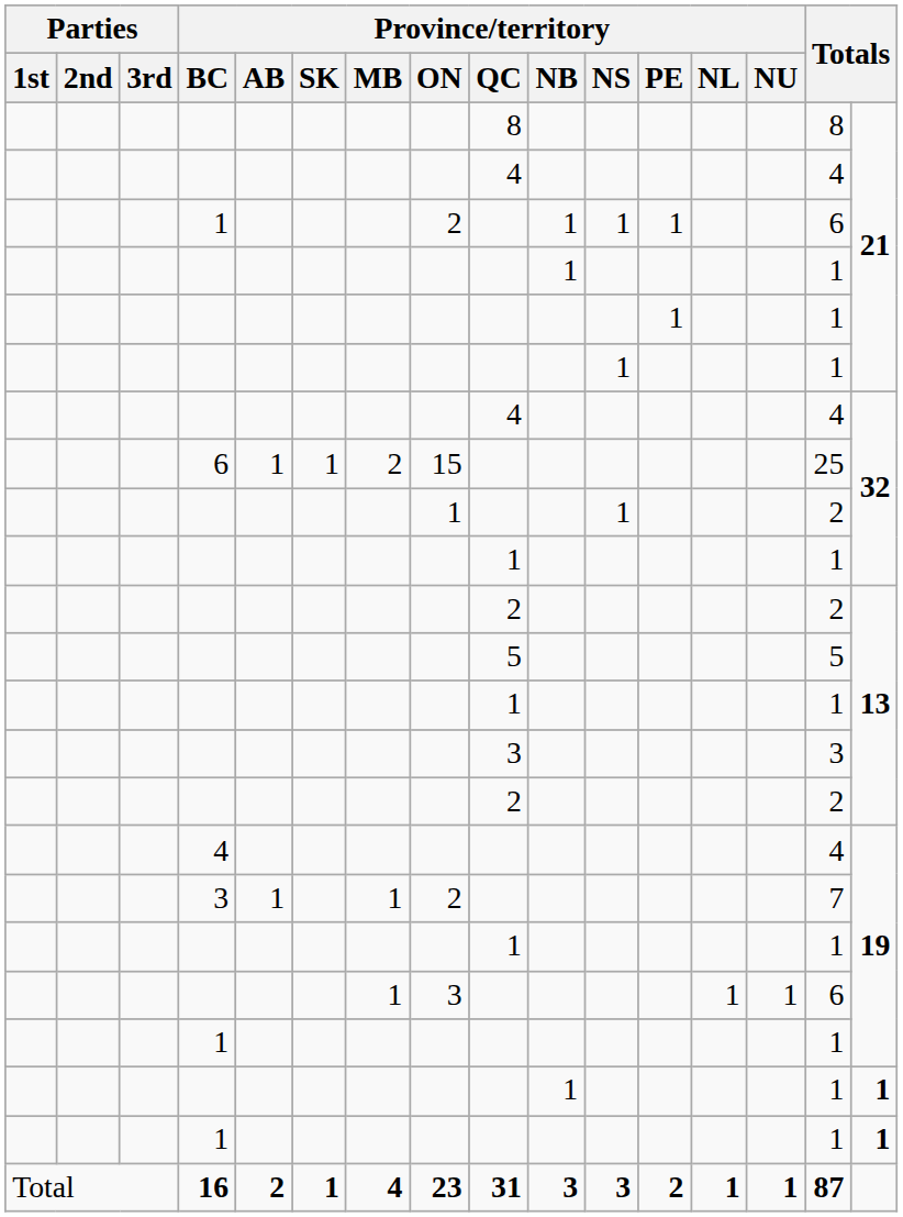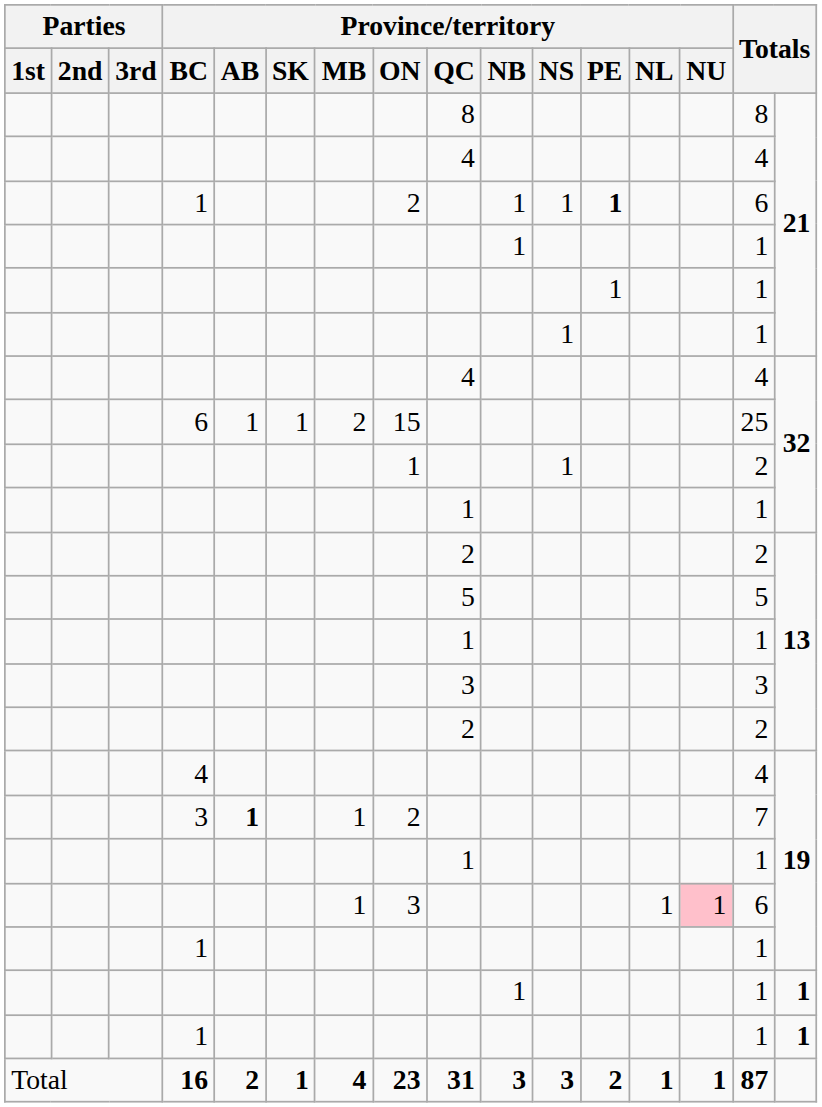 <table class="wikitable" style="text-align:right;">
 <tr>
 <th colspan="3">Parties</th>
 <th colspan="11">Province/territory</th>
 <th rowspan="2" colspan="2">Totals</th>
 </tr>
 <tr>
 <th>1st</th>
 <th>2nd</th>
 <th>3rd</th>
 <th>BC</th>
 <th>AB</th>
 <th>SK</th>
 <th>MB</th>
 <th>ON</th>
 <th>QC</th>
 <th>NB</th>
 <th>NS</th>
 <th>PE</th>
 <th>NL</th>
 <th>NU</th>
 </tr>
 <tr>
 <td style="text-align:left;"></td>
 <td style="text-align:left;"></td>
 <td style="text-align:left;"></td>
 <td></td>
 <td></td>
 <td></td>
 <td></td>
 <td></td>
 <td>8</td>
 <td></td>
 <td></td>
 <td></td>
 <td></td>
 <td></td>
 <td>8</td>
 <td rowspan="6"><strong>21</strong></td>
 </tr>
 <tr>
 <td style="text-align:left;"></td>
 <td style="text-align:left;"></td>
 <td style="text-align:left;"></td>
 <td></td>
 <td></td>
 <td></td>
 <td></td>
 <td></td>
 <td>4</td>
 <td></td>
 <td></td>
 <td></td>
 <td></td>
 <td></td>
 <td>4</td>
 </tr>
 <tr>
 <td style="text-align:left;"></td>
 <td style="text-align:left;"></td>
 <td style="text-align:left;"></td>
 <td>1</td>
 <td></td>
 <td></td>
 <td></td>
 <td>2</td>
 <td></td>
 <td>1</td>
 <td>1</td>
-<td>1</td>
+<td><strong>1</strong></td>
 <td></td>
 <td></td>
 <td>6</td>
 </tr>
 <tr>
 <td style="text-align:left;"></td>
 <td style="text-align:left;"></td>
 <td style="text-align:left;"></td>
 <td></td>
 <td></td>
 <td></td>
 <td></td>
 <td></td>
 <td></td>
 <td>1</td>
 <td></td>
 <td></td>
 <td></td>
 <td></td>
 <td>1</td>
 </tr>
 <tr>
 <td style="text-align:left;"></td>
 <td style="text-align:left;"></td>
 <td style="text-align:left;"></td>
 <td></td>
 <td></td>
 <td></td>
 <td></td>
 <td></td>
 <td></td>
 <td></td>
 <td></td>
 <td>1</td>
 <td></td>
 <td></td>
 <td>1</td>
 </tr>
 <tr>
 <td style="text-align:left;"></td>
 <td style="text-align:left;"></td>
 <td style="text-align:left;"></td>
 <td></td>
 <td></td>
 <td></td>
 <td></td>
 <td></td>
 <td></td>
 <td></td>
 <td>1</td>
 <td></td>
 <td></td>
 <td></td>
 <td>1</td>
 </tr>
 <tr>
 <td style="text-align:left;"></td>
 <td style="text-align:left;"></td>
 <td style="text-align:left;"></td>
 <td></td>
 <td></td>
 <td></td>
 <td></td>
 <td></td>
 <td>4</td>
 <td></td>
 <td></td>
 <td></td>
 <td></td>
 <td></td>
 <td>4</td>
 <td rowspan="4"><strong>32</strong></td>
 </tr>
 <tr>
 <td style="text-align:left;"></td>
 <td style="text-align:left;"></td>
 <td style="text-align:left;"></td>
 <td>6</td>
 <td>1</td>
 <td>1</td>
 <td>2</td>
 <td>15</td>
 <td></td>
 <td></td>
 <td></td>
 <td></td>
 <td></td>
 <td></td>
 <td>25</td>
 </tr>
 <tr>
 <td style="text-align:left;"></td>
 <td style="text-align:left;"></td>
 <td style="text-align:left;"></td>
 <td></td>
 <td></td>
 <td></td>
 <td></td>
 <td>1</td>
 <td></td>
 <td></td>
 <td>1</td>
 <td></td>
 <td></td>
 <td></td>
 <td>2</td>
 </tr>
 <tr>
 <td style="text-align:left;"></td>
 <td style="text-align:left;"></td>
 <td style="text-align:left;"></td>
 <td></td>
 <td></td>
 <td></td>
 <td></td>
 <td></td>
 <td>1</td>
 <td></td>
 <td></td>
 <td></td>
 <td></td>
 <td></td>
 <td>1</td>
 </tr>
 <tr>
 <td style="text-align:left;"></td>
 <td style="text-align:left;"></td>
 <td style="text-align:left;"></td>
 <td></td>
 <td></td>
 <td></td>
 <td></td>
 <td></td>
 <td>2</td>
 <td></td>
 <td></td>
 <td></td>
 <td></td>
 <td></td>
 <td>2</td>
 <td rowspan="5"><strong>13</strong></td>
 </tr>
 <tr>
 <td style="text-align:left;"></td>
 <td style="text-align:left;"></td>
 <td style="text-align:left;"></td>
 <td></td>
 <td></td>
 <td></td>
 <td></td>
 <td></td>
 <td>5</td>
 <td></td>
 <td></td>
 <td></td>
 <td></td>
 <td></td>
 <td>5</td>
 </tr>
 <tr>
 <td style="text-align:left;"></td>
 <td style="text-align:left;"></td>
 <td style="text-align:left;"></td>
 <td></td>
 <td></td>
 <td></td>
 <td></td>
 <td></td>
 <td>1</td>
 <td></td>
 <td></td>
 <td></td>
 <td></td>
 <td></td>
 <td>1</td>
 </tr>
 <tr>
 <td style="text-align:left;"></td>
 <td style="text-align:left;"></td>
 <td style="text-align:left;"></td>
 <td></td>
 <td></td>
 <td></td>
 <td></td>
 <td></td>
 <td>3</td>
 <td></td>
 <td></td>
 <td></td>
 <td></td>
 <td></td>
 <td>3</td>
 </tr>
 <tr>
 <td style="text-align:left;"></td>
 <td style="text-align:left;"></td>
 <td style="text-align:left;"></td>
 <td></td>
 <td></td>
 <td></td>
 <td></td>
 <td></td>
 <td>2</td>
 <td></td>
 <td></td>
 <td></td>
 <td></td>
 <td></td>
 <td>2</td>
 </tr>
 <tr>
 <td style="text-align:left;"></td>
 <td style="text-align:left;"></td>
 <td style="text-align:left;"></td>
 <td>4</td>
 <td></td>
 <td></td>
 <td></td>
 <td></td>
 <td></td>
 <td></td>
 <td></td>
 <td></td>
 <td></td>
 <td></td>
 <td>4</td>
 <td rowspan="5"><strong>19</strong></td>
 </tr>
 <tr>
 <td style="text-align:left;"></td>
 <td style="text-align:left;"></td>
 <td style="text-align:left;"></td>
 <td>3</td>
-<td>1</td>
+<td><strong>1</strong></td>
 <td></td>
 <td>1</td>
 <td>2</td>
 <td></td>
 <td></td>
 <td></td>
 <td></td>
 <td></td>
 <td></td>
 <td>7</td>
 </tr>
 <tr>
 <td style="text-align:left;"></td>
 <td style="text-align:left;"></td>
 <td style="text-align:left;"></td>
 <td></td>
 <td></td>
 <td></td>
 <td></td>
 <td></td>
 <td>1</td>
 <td></td>
 <td></td>
 <td></td>
 <td></td>
 <td></td>
 <td>1</td>
 </tr>
 <tr>
 <td style="text-align:left;"></td>
 <td style="text-align:left;"></td>
 <td style="text-align:left;"></td>
 <td></td>
 <td></td>
 <td></td>
 <td>1</td>
 <td>3</td>
 <td></td>
 <td></td>
 <td></td>
 <td></td>
 <td>1</td>
-<td>1</td>
+<td style="background: pink;">1</td>
 <td>6</td>
 </tr>
 <tr>
 <td style="text-align:left;"></td>
 <td style="text-align:left;"></td>
 <td style="text-align:left;"></td>
 <td>1</td>
 <td></td>
 <td></td>
 <td></td>
 <td></td>
 <td></td>
 <td></td>
 <td></td>
 <td></td>
 <td></td>
 <td></td>
 <td>1</td>
 </tr>
 <tr>
 <td style="text-align:left;"></td>
 <td style="text-align:left;"></td>
 <td style="text-align:left;"></td>
 <td></td>
 <td></td>
 <td></td>
 <td></td>
 <td></td>
 <td></td>
 <td>1</td>
 <td></td>
 <td></td>
 <td></td>
 <td></td>
 <td>1</td>
 <td><strong>1</strong></td>
 </tr>
 <tr>
 <td style="text-align:left;"></td>
 <td style="text-align:left;"></td>
 <td style="text-align:left;"></td>
 <td>1</td>
 <td></td>
 <td></td>
 <td></td>
 <td></td>
 <td></td>
 <td></td>
 <td></td>
 <td></td>
 <td></td>
 <td></td>
 <td>1</td>
 <td><strong>1</strong></td>
 </tr>
 <tr>
 <td colspan="3" style="text-align:left;">Total</td>
 <td><strong>16</strong></td>
 <td><strong>2</strong></td>
 <td><strong>1</strong></td>
 <td><strong>4</strong></td>
 <td><strong>23</strong></td>
 <td><strong>31</strong></td>
 <td><strong>3</strong></td>
 <td><strong>3</strong></td>
 <td><strong>2</strong></td>
 <td><strong>1</strong></td>
 <td><strong>1</strong></td>
 <td><strong>87</strong></td>
 </tr>
 </table>
